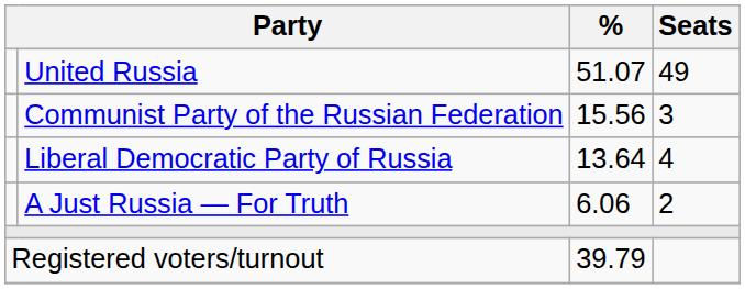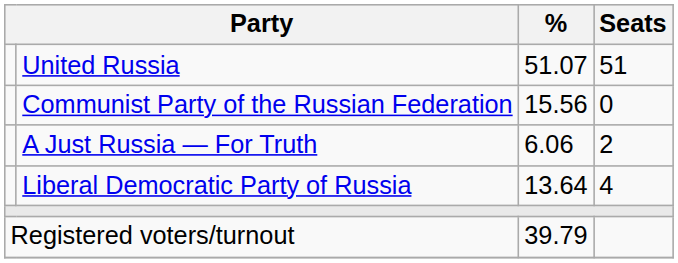 <table class="wikitable">
 <tr>
 <th colspan=2>Party</th>
 <th>%</th>
 <th>Seats</th>
 </tr>
 <tr>
 <td style="background:"></td>
 <td><a href='#'>United Russia</a></td>
 <td>51.07</td>
-<td>49</td>
+<td>51</td>
 </tr>
 <tr>
 <td style="background:"></td>
 <td><a href='#'>Communist Party of the Russian Federation</a></td>
 <td>15.56</td>
-<td>3</td>
+<td>0</td>
+</tr>
+<tr>
+<td style="background:"></td>
+<td><a href='#'>A Just Russia — For Truth</a></td>
+<td>6.06</td>
+<td>2</td>
 </tr>
 <tr>
 <td style="background:"></td>
 <td><a href='#'>Liberal Democratic Party of Russia</a></td>
 <td>13.64</td>
 <td>4</td>
-</tr>
-<tr>
-<td style="background:"></td>
-<td><a href='#'>A Just Russia — For Truth</a></td>
-<td>6.06</td>
-<td>2</td>
 </tr>
 <tr>
 <td colspan=4 style="background:#E9E9E9;"></td>
 </tr>
 <tr>
 <td align=left colspan=2>Registered voters/turnout</td>
 <td>39.79</td>
 <td></td>
 </tr>
 <tr>
 </tr>
 </table>
